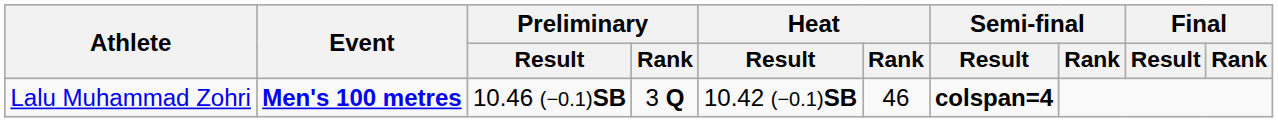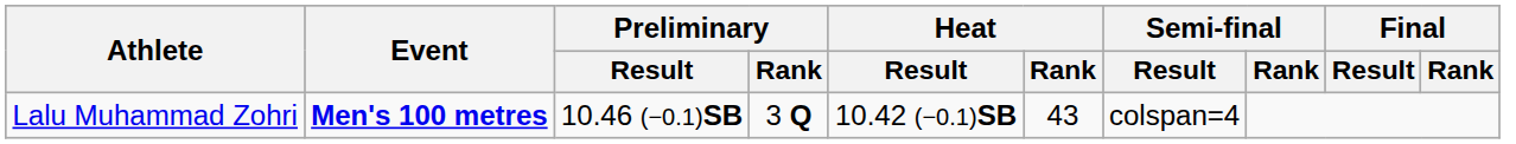 <table class=wikitable style=font-size:90%>
 <tr>
 <th rowspan=2>Athlete</th>
 <th rowspan=2>Event</th>
 <th colspan=2>Preliminary</th>
 <th colspan=2>Heat</th>
 <th colspan=2>Semi-final</th>
 <th colspan=2>Final</th>
 </tr>
 <tr style=font-size:95%>
 <th>Result</th>
 <th>Rank</th>
 <th>Result</th>
 <th>Rank</th>
 <th>Result</th>
 <th>Rank</th>
 <th>Result</th>
 <th>Rank</th>
 </tr>
 <tr align=center>
 <td align=left><a href='#'>Lalu Muhammad Zohri</a></td>
 <td align=left><strong><a href='#'>Men's 100 metres</a></strong></td>
 <td>10.46 <small>(−0.1)</small><strong>SB</strong></td>
 <td>3 <strong>Q</strong></td>
 <td>10.42 <small>(−0.1)</small><strong>SB</strong></td>
-<td>46</td>
-<td><strong>colspan=4 </strong></td>
+<td>43</td>
+<td>colspan=4 </td>
 </tr>
 </table>
